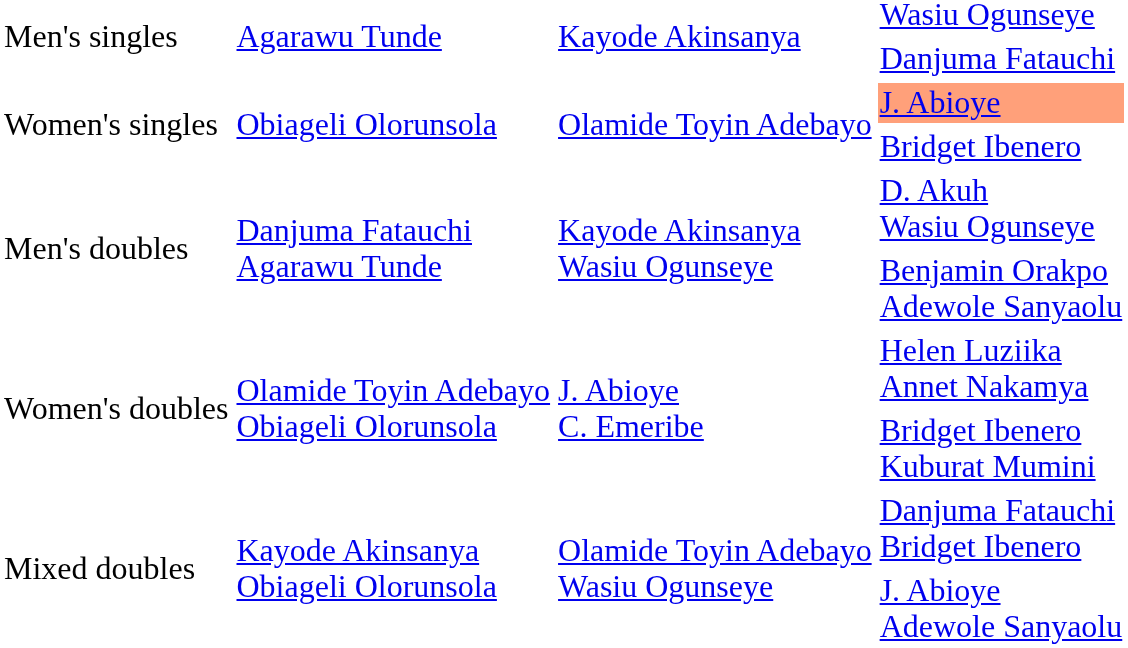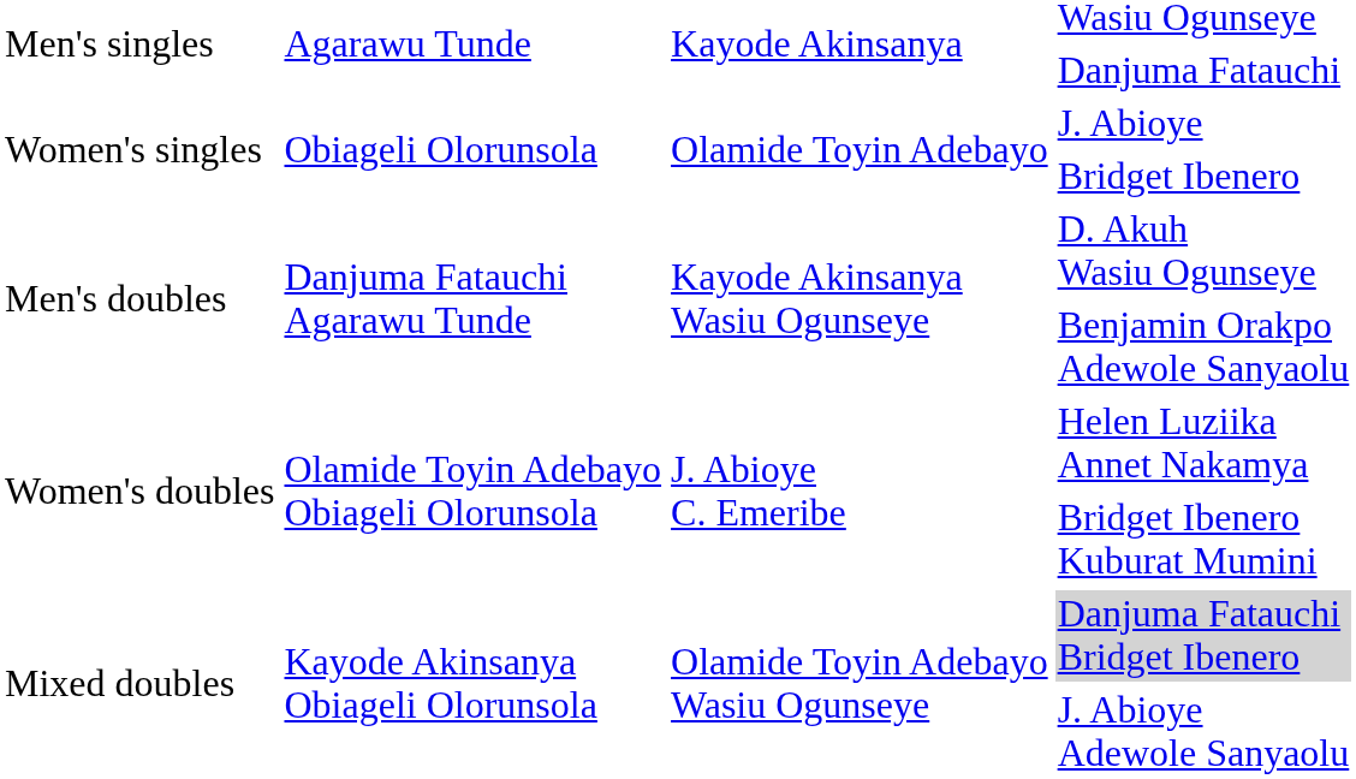 <table>
 <tr>
 <td rowspan=2>Men's singles</td>
 <td rowspan=2> <a href='#'>Agarawu Tunde</a></td>
 <td rowspan=2> <a href='#'>Kayode Akinsanya</a></td>
 <td> <a href='#'>Wasiu Ogunseye</a></td>
 </tr>
 <tr>
 <td> <a href='#'>Danjuma Fatauchi</a></td>
 </tr>
 <tr>
 <td rowspan=2>Women's singles</td>
 <td rowspan=2> <a href='#'>Obiageli Olorunsola</a></td>
 <td rowspan=2> <a href='#'>Olamide Toyin Adebayo</a></td>
-<td style="background: lightsalmon;"> <a href='#'>J. Abioye</a></td>
+<td> <a href='#'>J. Abioye</a></td>
 </tr>
 <tr>
 <td> <a href='#'>Bridget Ibenero</a></td>
 </tr>
 <tr>
 <td rowspan=2>Men's doubles</td>
 <td rowspan=2> <a href='#'>Danjuma Fatauchi</a><br> <a href='#'>Agarawu Tunde</a></td>
 <td rowspan=2> <a href='#'>Kayode Akinsanya</a><br> <a href='#'>Wasiu Ogunseye</a></td>
 <td> <a href='#'>D. Akuh</a><br> <a href='#'>Wasiu Ogunseye</a></td>
 </tr>
 <tr>
 <td> <a href='#'>Benjamin Orakpo</a><br> <a href='#'>Adewole Sanyaolu</a></td>
 </tr>
 <tr>
 <td rowspan=2>Women's doubles</td>
 <td rowspan=2> <a href='#'>Olamide Toyin Adebayo</a><br> <a href='#'>Obiageli Olorunsola</a></td>
 <td rowspan=2> <a href='#'>J. Abioye</a><br> <a href='#'>C. Emeribe</a></td>
 <td> <a href='#'>Helen Luziika</a><br> <a href='#'>Annet Nakamya</a></td>
 </tr>
 <tr>
 <td> <a href='#'>Bridget Ibenero</a><br> <a href='#'>Kuburat Mumini</a></td>
 </tr>
 <tr>
 <td rowspan=2>Mixed doubles</td>
 <td rowspan=2> <a href='#'>Kayode Akinsanya</a><br> <a href='#'>Obiageli Olorunsola</a></td>
 <td rowspan=2> <a href='#'>Olamide Toyin Adebayo</a><br> <a href='#'>Wasiu Ogunseye</a></td>
-<td> <a href='#'>Danjuma Fatauchi</a><br> <a href='#'>Bridget Ibenero</a></td>
+<td style="background: lightgrey;"> <a href='#'>Danjuma Fatauchi</a><br> <a href='#'>Bridget Ibenero</a></td>
 </tr>
 <tr>
 <td> <a href='#'>J. Abioye</a><br> <a href='#'>Adewole Sanyaolu</a></td>
 </tr>
 </table>
